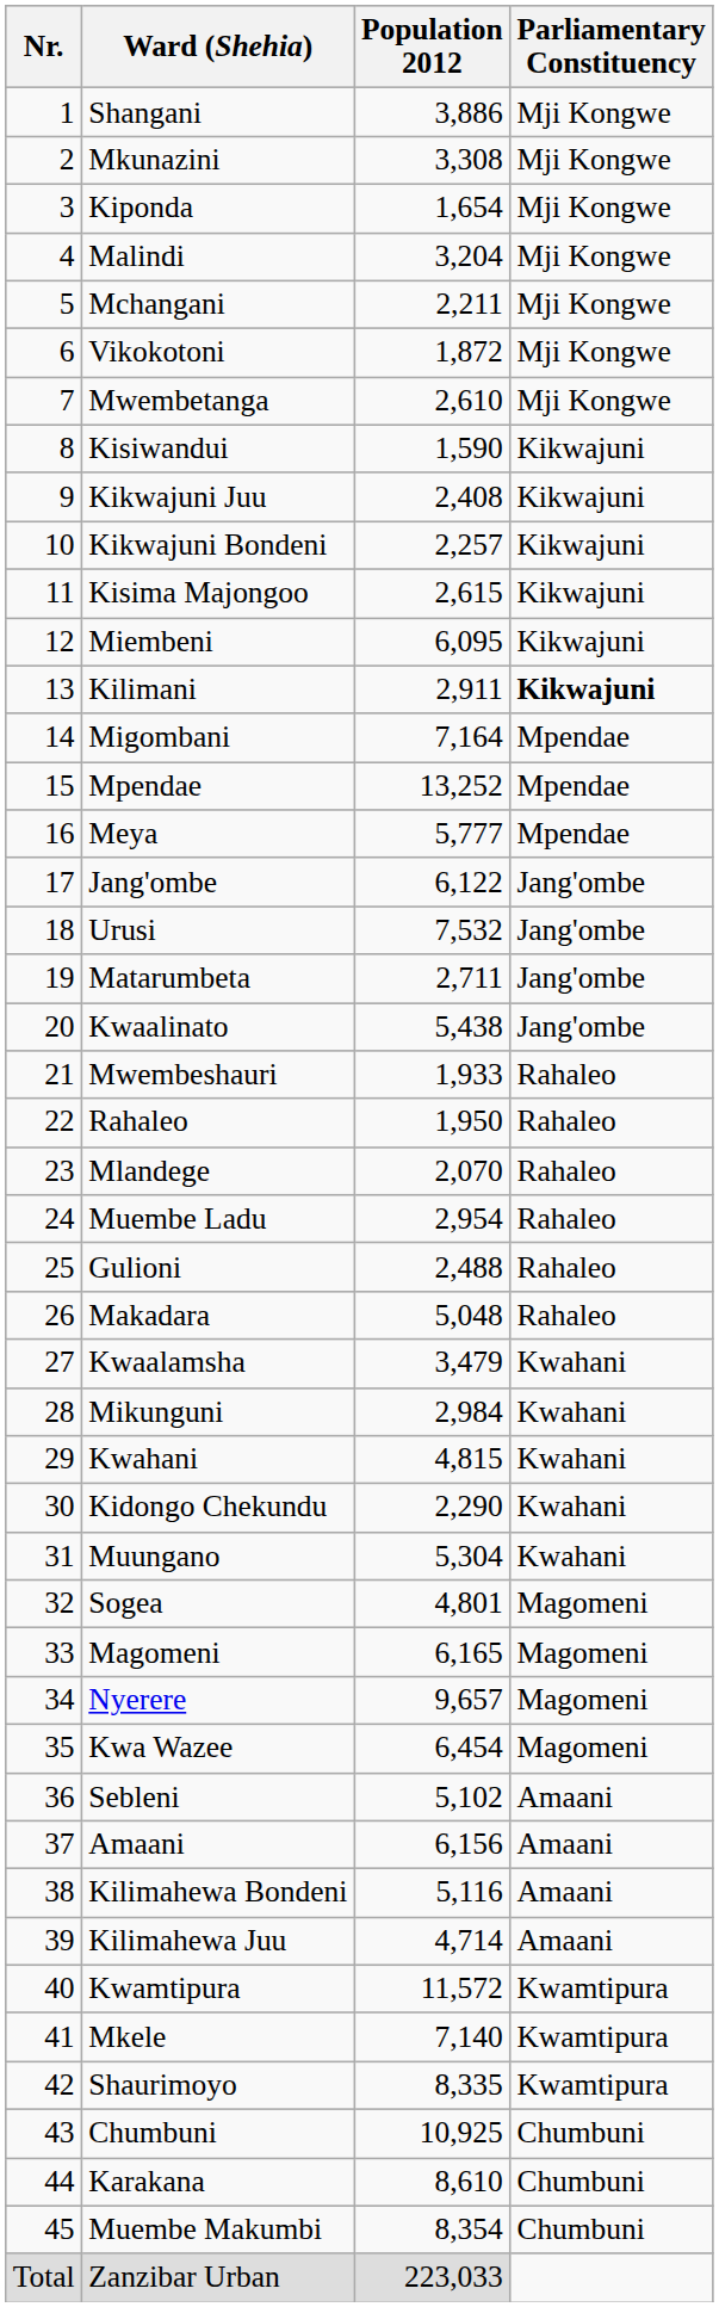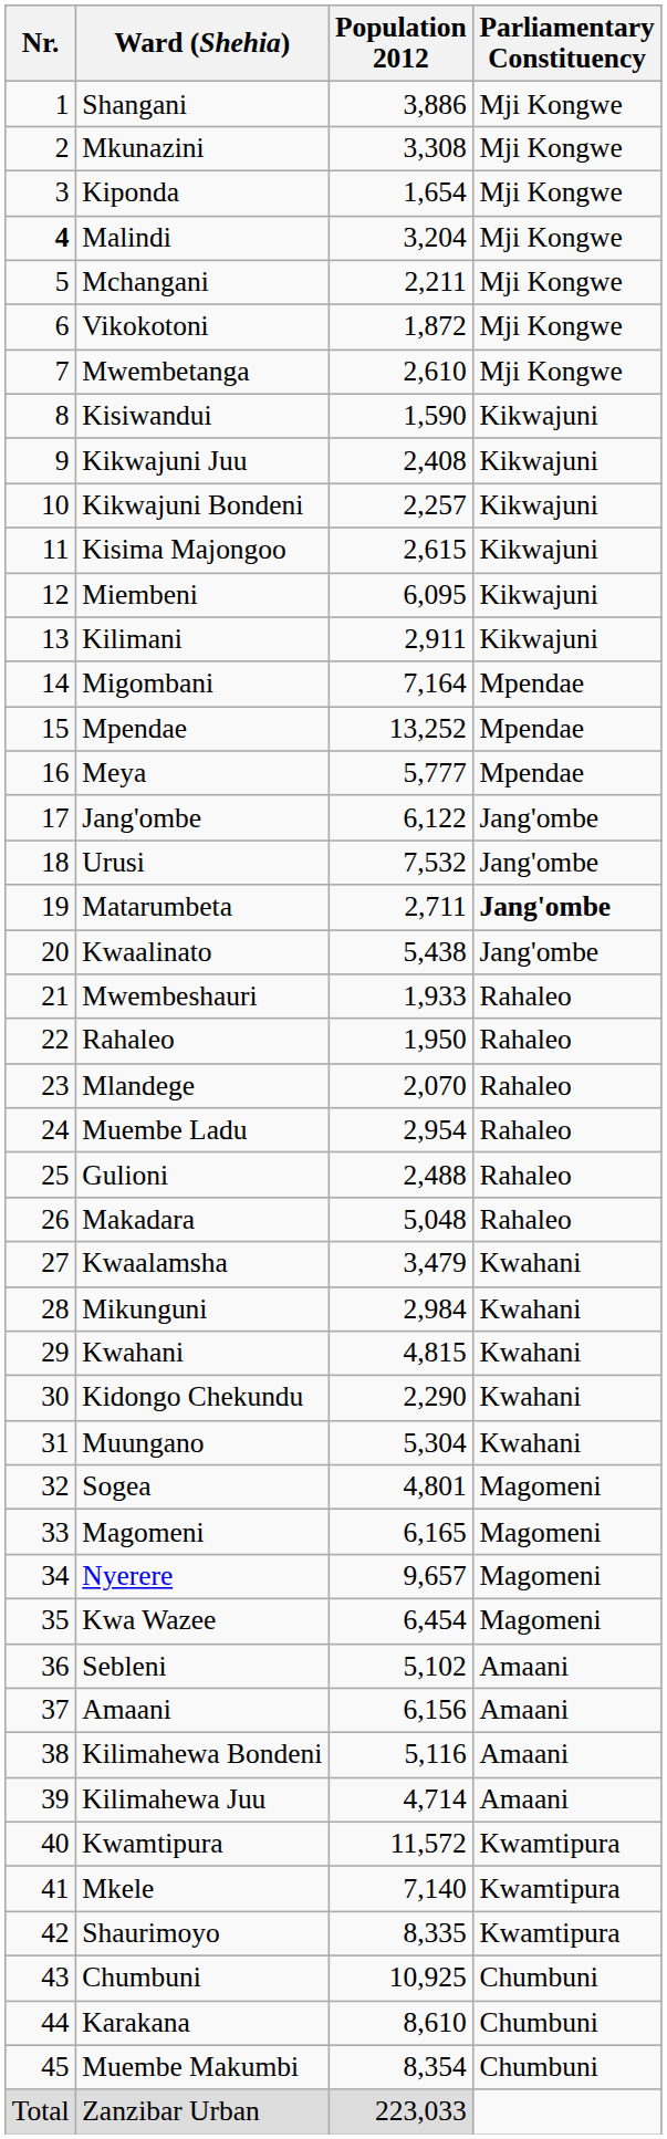 <table class="wikitable sortable">
 <tr>
 <th align ="right">Nr.</th>
 <th align ="left">Ward (<em>Shehia</em>)</th>
 <th align="right">Population<br>2012</th>
 <th>Parliamentary <br> Constituency</th>
 </tr>
 <tr>
 <td align="right">1</td>
 <td>Shangani</td>
 <td align="right">3,886</td>
 <td>Mji Kongwe</td>
 </tr>
 <tr>
 <td align="right">2</td>
 <td>Mkunazini</td>
 <td align="right">3,308</td>
 <td>Mji Kongwe</td>
 </tr>
 <tr>
 <td align="right">3</td>
 <td>Kiponda</td>
 <td align="right">1,654</td>
 <td>Mji Kongwe</td>
 </tr>
 <tr>
-<td align="right">4</td>
+<td align="right"><strong>4</strong></td>
 <td>Malindi</td>
 <td align="right">3,204</td>
 <td>Mji Kongwe</td>
 </tr>
 <tr>
 <td align="right">5</td>
 <td>Mchangani</td>
 <td align="right">2,211</td>
 <td>Mji Kongwe</td>
 </tr>
 <tr>
 <td align="right">6</td>
 <td>Vikokotoni</td>
 <td align="right">1,872</td>
 <td>Mji Kongwe</td>
 </tr>
 <tr>
 <td align="right">7</td>
 <td>Mwembetanga</td>
 <td align="right">2,610</td>
 <td>Mji Kongwe</td>
 </tr>
 <tr>
 <td align="right">8</td>
 <td>Kisiwandui</td>
 <td align="right">1,590</td>
 <td>Kikwajuni</td>
 </tr>
 <tr>
 <td align="right">9</td>
 <td>Kikwajuni Juu</td>
 <td align="right">2,408</td>
 <td>Kikwajuni</td>
 </tr>
 <tr>
 <td align="right">10</td>
 <td>Kikwajuni Bondeni</td>
 <td align="right">2,257</td>
 <td>Kikwajuni</td>
 </tr>
 <tr>
 <td align="right">11</td>
 <td>Kisima Majongoo</td>
 <td align="right">2,615</td>
 <td>Kikwajuni</td>
 </tr>
 <tr>
 <td align="right">12</td>
 <td>Miembeni</td>
 <td align="right">6,095</td>
 <td>Kikwajuni</td>
 </tr>
 <tr>
 <td align="right">13</td>
 <td>Kilimani</td>
 <td align="right">2,911</td>
-<td><strong>Kikwajuni</strong></td>
+<td>Kikwajuni</td>
 </tr>
 <tr>
 <td align="right">14</td>
 <td>Migombani</td>
 <td align="right">7,164</td>
 <td>Mpendae</td>
 </tr>
 <tr>
 <td align="right">15</td>
 <td>Mpendae</td>
 <td align="right">13,252</td>
 <td>Mpendae</td>
 </tr>
 <tr>
 <td align="right">16</td>
 <td>Meya</td>
 <td align="right">5,777</td>
 <td>Mpendae</td>
 </tr>
 <tr>
 <td align="right">17</td>
 <td>Jang'ombe</td>
 <td align="right">6,122</td>
 <td>Jang'ombe</td>
 </tr>
 <tr>
 <td align="right">18</td>
 <td>Urusi</td>
 <td align="right">7,532</td>
 <td>Jang'ombe</td>
 </tr>
 <tr>
 <td align="right">19</td>
 <td>Matarumbeta</td>
 <td align="right">2,711</td>
-<td>Jang'ombe</td>
+<td><strong>Jang'ombe</strong></td>
 </tr>
 <tr>
 <td align="right">20</td>
 <td>Kwaalinato</td>
 <td align="right">5,438</td>
 <td>Jang'ombe</td>
 </tr>
 <tr>
 <td align="right">21</td>
 <td>Mwembeshauri</td>
 <td align="right">1,933</td>
 <td>Rahaleo</td>
 </tr>
 <tr>
 <td align="right">22</td>
 <td>Rahaleo</td>
 <td align="right">1,950</td>
 <td>Rahaleo</td>
 </tr>
 <tr>
 <td align="right">23</td>
 <td>Mlandege</td>
 <td align="right">2,070</td>
 <td>Rahaleo</td>
 </tr>
 <tr>
 <td align="right">24</td>
 <td>Muembe Ladu</td>
 <td align="right">2,954</td>
 <td>Rahaleo</td>
 </tr>
 <tr>
 <td align="right">25</td>
 <td>Gulioni</td>
 <td align="right">2,488</td>
 <td>Rahaleo</td>
 </tr>
 <tr>
 <td align="right">26</td>
 <td>Makadara</td>
 <td align="right">5,048</td>
 <td>Rahaleo</td>
 </tr>
 <tr>
 <td align="right">27</td>
 <td>Kwaalamsha</td>
 <td align="right">3,479</td>
 <td>Kwahani</td>
 </tr>
 <tr>
 <td align="right">28</td>
 <td>Mikunguni</td>
 <td align="right">2,984</td>
 <td>Kwahani</td>
 </tr>
 <tr>
 <td align="right">29</td>
 <td>Kwahani</td>
 <td align="right">4,815</td>
 <td>Kwahani</td>
 </tr>
 <tr>
 <td align="right">30</td>
 <td>Kidongo Chekundu</td>
 <td align="right">2,290</td>
 <td>Kwahani</td>
 </tr>
 <tr>
 <td align="right">31</td>
 <td>Muungano</td>
 <td align="right">5,304</td>
 <td>Kwahani</td>
 </tr>
 <tr>
 <td align="right">32</td>
 <td>Sogea</td>
 <td align="right">4,801</td>
 <td>Magomeni</td>
 </tr>
 <tr>
 <td align="right">33</td>
 <td>Magomeni</td>
 <td align="right">6,165</td>
 <td>Magomeni</td>
 </tr>
 <tr>
 <td align="right">34</td>
 <td><a href='#'>Nyerere</a></td>
 <td align="right">9,657</td>
 <td>Magomeni</td>
 </tr>
 <tr>
 <td align="right">35</td>
 <td>Kwa Wazee</td>
 <td align="right">6,454</td>
 <td>Magomeni</td>
 </tr>
 <tr>
 <td align="right">36</td>
 <td>Sebleni</td>
 <td align="right">5,102</td>
 <td>Amaani</td>
 </tr>
 <tr>
 <td align="right">37</td>
 <td>Amaani</td>
 <td align="right">6,156</td>
 <td>Amaani</td>
 </tr>
 <tr>
 <td align="right">38</td>
 <td>Kilimahewa Bondeni</td>
 <td align="right">5,116</td>
 <td>Amaani</td>
 </tr>
 <tr>
 <td align="right">39</td>
 <td>Kilimahewa Juu</td>
 <td align="right">4,714</td>
 <td>Amaani</td>
 </tr>
 <tr>
 <td align="right">40</td>
 <td>Kwamtipura</td>
 <td align="right">11,572</td>
 <td>Kwamtipura</td>
 </tr>
 <tr>
 <td align="right">41</td>
 <td>Mkele</td>
 <td align="right">7,140</td>
 <td>Kwamtipura</td>
 </tr>
 <tr>
 <td align="right">42</td>
 <td>Shaurimoyo</td>
 <td align="right">8,335</td>
 <td>Kwamtipura</td>
 </tr>
 <tr>
 <td align="right">43</td>
 <td>Chumbuni</td>
 <td align="right">10,925</td>
 <td>Chumbuni</td>
 </tr>
 <tr>
 <td align="right">44</td>
 <td>Karakana</td>
 <td align="right">8,610</td>
 <td>Chumbuni</td>
 </tr>
 <tr>
 <td align="right">45</td>
 <td>Muembe Makumbi</td>
 <td align="right">8,354</td>
 <td>Chumbuni</td>
 </tr>
 <tr style="background: #DDD;" | class="sortbottom">
 <td align="right">Total</td>
 <td>Zanzibar Urban</td>
 <td align="right">223,033</td>
 </tr>
 </table>
